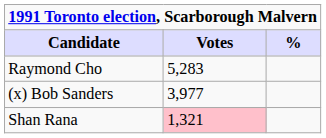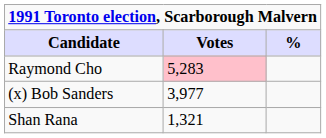 <table class="wikitable">
 <tr>
 <td Colspan="3" align="center"><strong><a href='#'>1991 Toronto election</a>, Scarborough Malvern</strong></td>
 </tr>
 <tr>
 <th style="background:#ddf; width:150px;">Candidate</th>
 <th style="background:#ddf;">Votes</th>
 <th style="background:#ddf;">%</th>
 </tr>
 <tr>
 <td>Raymond Cho</td>
-<td>5,283</td>
+<td style="background: pink;">5,283</td>
 <td></td>
 </tr>
 <tr>
 <td>(x) Bob Sanders</td>
 <td>3,977</td>
 <td></td>
 </tr>
 <tr>
 <td>Shan Rana</td>
-<td style="background: pink;">1,321</td>
+<td>1,321</td>
 <td></td>
 </tr>
 </table>
